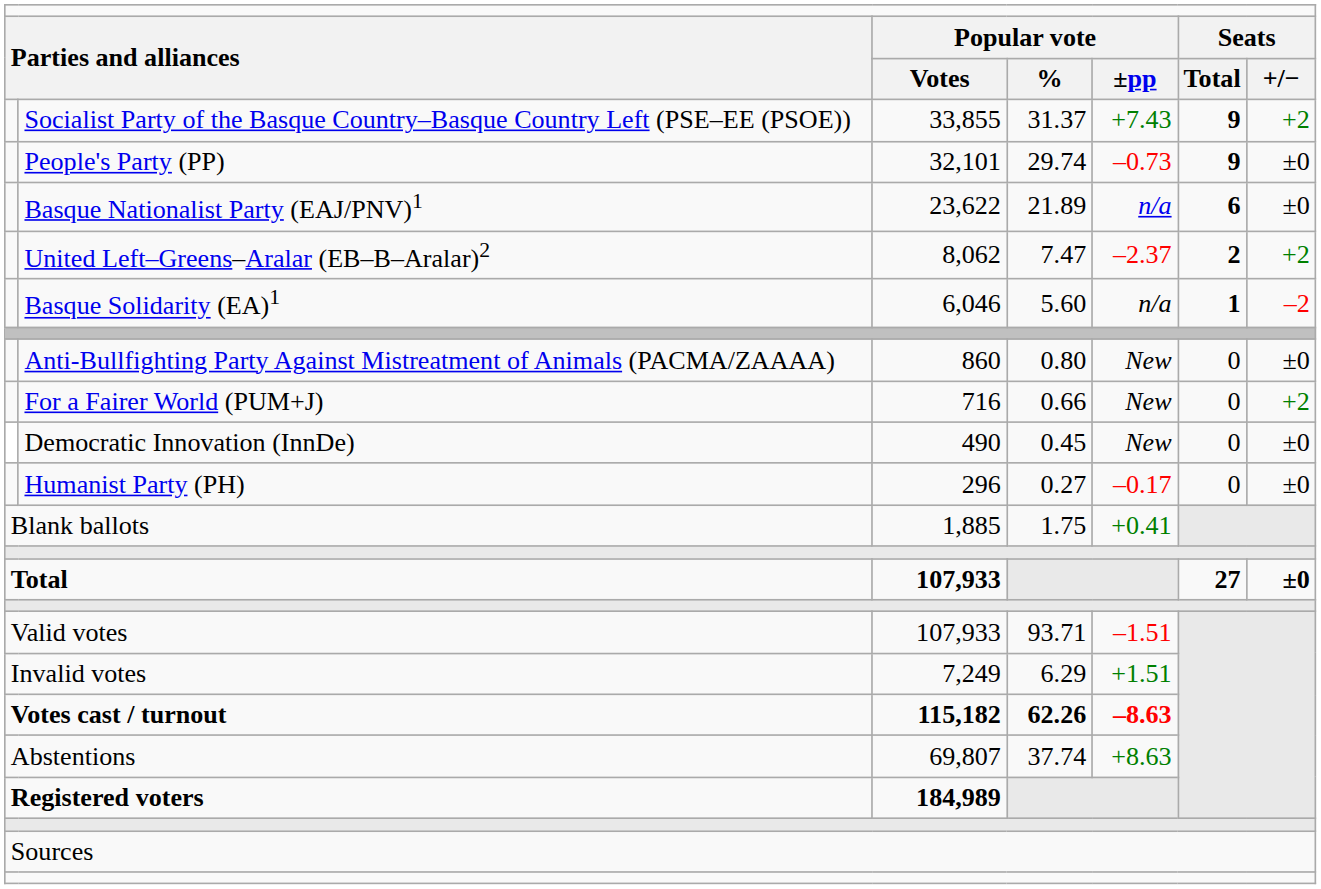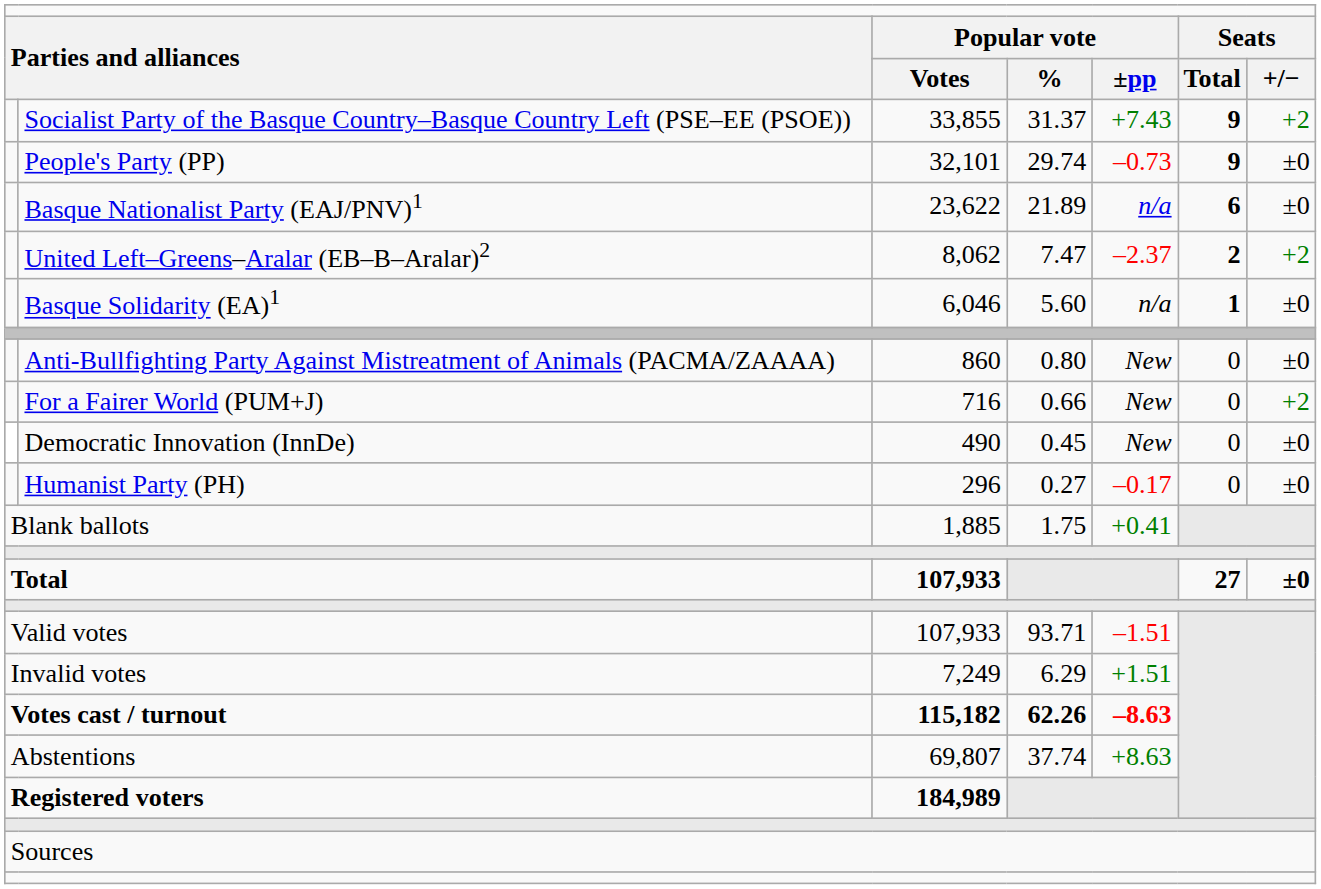 <table class="wikitable" style="text-align:right;">
 <tr>
 <td colspan="7"></td>
 </tr>
 <tr>
 <th style="text-align:left;" rowspan="2" colspan="2" width="525">Parties and alliances</th>
 <th colspan="3">Popular vote</th>
 <th colspan="2">Seats</th>
 </tr>
 <tr>
 <th width="75">Votes</th>
 <th width="45">%</th>
 <th width="45">±<a href='#'>pp</a></th>
 <th width="35">Total</th>
 <th width="35">+/−</th>
 </tr>
 <tr>
 <td width="1" style="color:inherit;background:"></td>
 <td align="left"><a href='#'>Socialist Party of the Basque Country–Basque Country Left</a> (PSE–EE (PSOE))</td>
 <td>33,855</td>
 <td>31.37</td>
 <td style="color:green;">+7.43</td>
 <td><strong>9</strong></td>
 <td style="color:green;">+2</td>
 </tr>
 <tr>
 <td style="color:inherit;background:"></td>
 <td align="left"><a href='#'>People's Party</a> (PP)</td>
 <td>32,101</td>
 <td>29.74</td>
 <td style="color:red;">–0.73</td>
 <td><strong>9</strong></td>
 <td>±0</td>
 </tr>
 <tr>
 <td style="color:inherit;background:"></td>
 <td align="left"><a href='#'>Basque Nationalist Party</a> (EAJ/PNV)<sup>1</sup></td>
 <td>23,622</td>
 <td>21.89</td>
 <td><em><a href='#'>n/a</a></em></td>
 <td><strong>6</strong></td>
 <td>±0</td>
 </tr>
 <tr>
 <td style="color:inherit;background:"></td>
 <td align="left"><a href='#'>United Left–Greens</a>–<a href='#'>Aralar</a> (EB–B–Aralar)<sup>2</sup></td>
 <td>8,062</td>
 <td>7.47</td>
 <td style="color:red;">–2.37</td>
 <td><strong>2</strong></td>
 <td style="color:green;">+2</td>
 </tr>
 <tr>
 <td style="color:inherit;background:"></td>
 <td align="left"><a href='#'>Basque Solidarity</a> (EA)<sup>1</sup></td>
 <td>6,046</td>
 <td>5.60</td>
 <td><em>n/a</em></td>
 <td><strong>1</strong></td>
-<td style="color:red;">–2</td>
+<td>±0</td>
 </tr>
 <tr>
 <td colspan="7" bgcolor="#C0C0C0"></td>
 </tr>
 <tr>
 <td style="color:inherit;background:"></td>
 <td align="left"><a href='#'>Anti-Bullfighting Party Against Mistreatment of Animals</a> (PACMA/ZAAAA)</td>
 <td>860</td>
 <td>0.80</td>
 <td><em>New</em></td>
 <td>0</td>
 <td>±0</td>
 </tr>
 <tr>
 <td style="color:inherit;background:"></td>
 <td align="left"><a href='#'>For a Fairer World</a> (PUM+J)</td>
 <td>716</td>
 <td>0.66</td>
 <td><em>New</em></td>
 <td>0</td>
 <td style="color:green;">+2</td>
 </tr>
 <tr>
 <td bgcolor="white"></td>
 <td align="left">Democratic Innovation (InnDe)</td>
 <td>490</td>
 <td>0.45</td>
 <td><em>New</em></td>
 <td>0</td>
 <td>±0</td>
 </tr>
 <tr>
 <td style="color:inherit;background:"></td>
 <td align="left"><a href='#'>Humanist Party</a> (PH)</td>
 <td>296</td>
 <td>0.27</td>
 <td style="color:red;">–0.17</td>
 <td>0</td>
 <td>±0</td>
 </tr>
 <tr>
 <td align="left" colspan="2">Blank ballots</td>
 <td>1,885</td>
 <td>1.75</td>
 <td style="color:green;">+0.41</td>
 <td bgcolor="#E9E9E9" colspan="2"></td>
 </tr>
 <tr>
 <td colspan="7" bgcolor="#E9E9E9"></td>
 </tr>
 <tr style="font-weight:bold;">
 <td align="left" colspan="2">Total</td>
 <td>107,933</td>
 <td bgcolor="#E9E9E9" colspan="2"></td>
 <td>27</td>
 <td>±0</td>
 </tr>
 <tr>
 <td colspan="7" bgcolor="#E9E9E9"></td>
 </tr>
 <tr>
 <td align="left" colspan="2">Valid votes</td>
 <td>107,933</td>
 <td>93.71</td>
 <td style="color:red;">–1.51</td>
 <td bgcolor="#E9E9E9" colspan="2" rowspan="5"></td>
 </tr>
 <tr>
 <td align="left" colspan="2">Invalid votes</td>
 <td>7,249</td>
 <td>6.29</td>
 <td style="color:green;">+1.51</td>
 </tr>
 <tr style="font-weight:bold;">
 <td align="left" colspan="2">Votes cast / turnout</td>
 <td>115,182</td>
 <td>62.26</td>
 <td style="color:red;">–8.63</td>
 </tr>
 <tr>
 <td align="left" colspan="2">Abstentions</td>
 <td>69,807</td>
 <td>37.74</td>
 <td style="color:green;">+8.63</td>
 </tr>
 <tr style="font-weight:bold;">
 <td align="left" colspan="2">Registered voters</td>
 <td>184,989</td>
 <td bgcolor="#E9E9E9" colspan="2"></td>
 </tr>
 <tr>
 <td colspan="7" bgcolor="#E9E9E9"></td>
 </tr>
 <tr>
 <td align="left" colspan="7">Sources</td>
 </tr>
 <tr>
 <td colspan="7" style="text-align:left; max-width:790px;"></td>
 </tr>
 </table>
